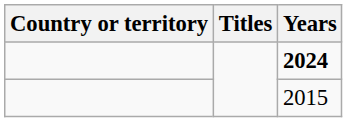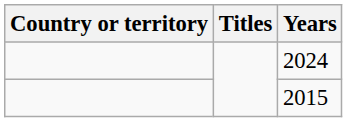 <table class="wikitable" style="font-size:95%;">
 <tr>
 <th>Country or territory</th>
 <th>Titles</th>
 <th>Years</th>
 </tr>
 <tr>
 <td></td>
 <td rowspan="2"></td>
-<td><strong>2024</strong></td>
+<td>2024</td>
 </tr>
 <tr>
 <td></td>
 <td>2015</td>
 </tr>
 </table>
